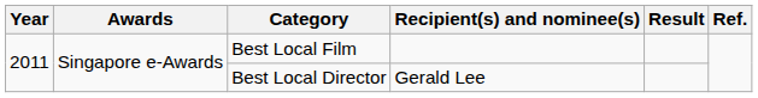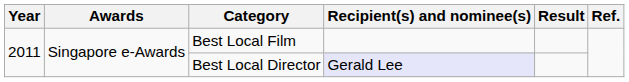 <table class="wikitable sortable">
 <tr>
 <th>Year</th>
 <th>Awards</th>
 <th>Category</th>
 <th>Recipient(s) and nominee(s)</th>
 <th>Result</th>
 <th class="unsortable">Ref.</th>
 </tr>
 <tr>
 <td rowspan="2">2011</td>
 <td rowspan="2">Singapore e-Awards</td>
 <td>Best Local Film</td>
 <td></td>
 <td></td>
 <td rowspan=2></td>
 </tr>
 <tr>
 <td>Best Local Director</td>
-<td>Gerald Lee</td>
+<td style="background: lavender;">Gerald Lee</td>
 <td></td>
 </tr>
 </table>
